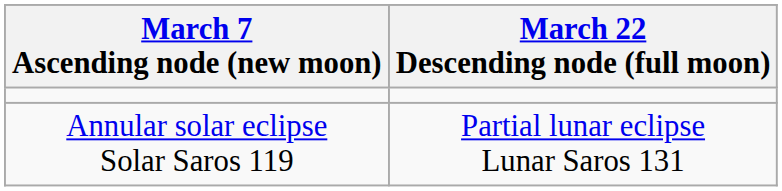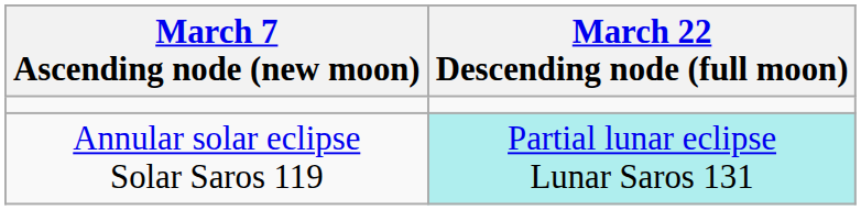 <table class="wikitable">
 <tr>
 <th><a href='#'>March 7</a><br>Ascending node (new moon)</th>
 <th><a href='#'>March 22</a><br>Descending node (full moon)</th>
 </tr>
 <tr>
 <td></td>
 <td></td>
 </tr>
 <tr align=center>
 <td><a href='#'>Annular solar eclipse</a><br>Solar Saros 119</td>
-<td><a href='#'>Partial lunar eclipse</a><br>Lunar Saros 131</td>
+<td style="background: paleturquoise;"><a href='#'>Partial lunar eclipse</a><br>Lunar Saros 131</td>
 </tr>
 </table>
